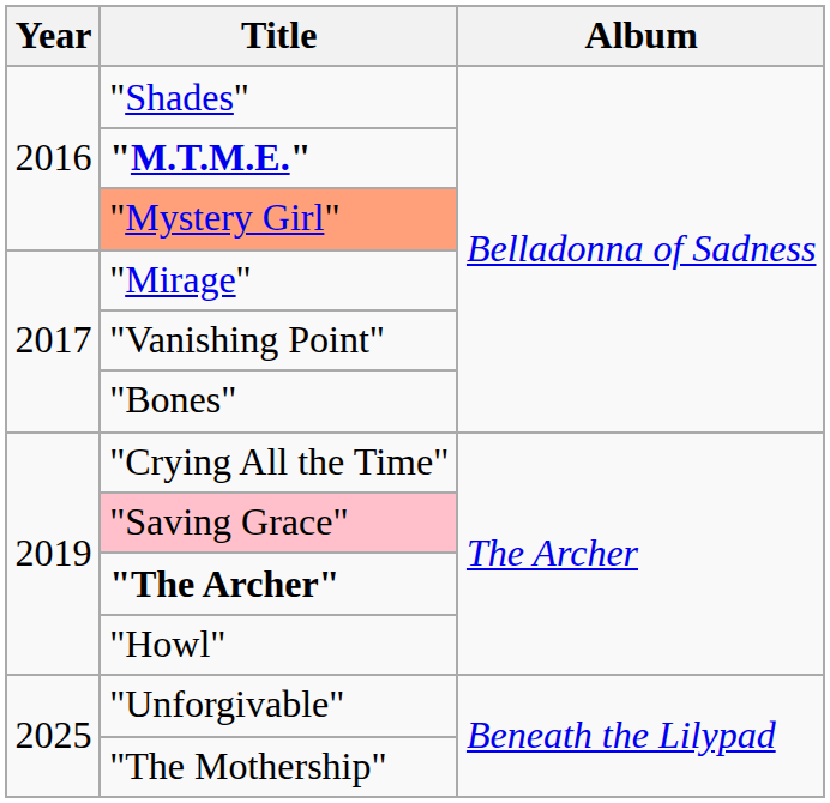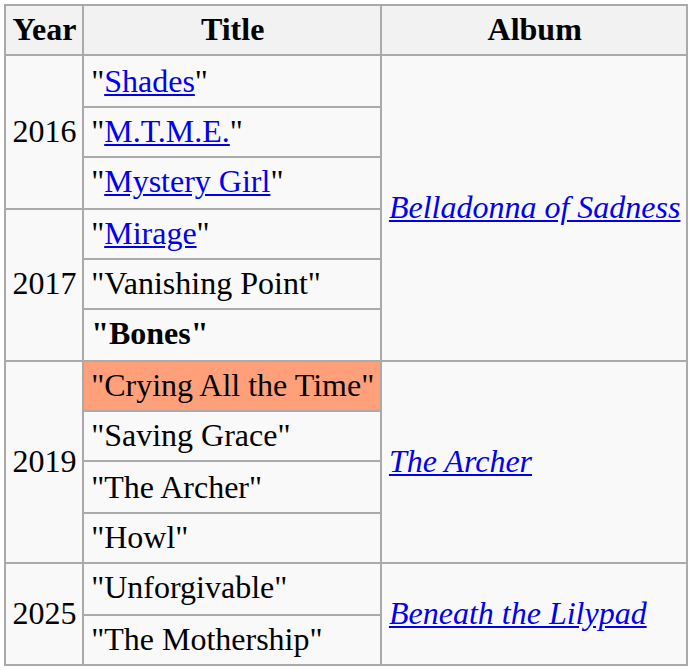 <table class="wikitable plainrowheaders">
 <tr>
 <th>Year</th>
 <th>Title</th>
 <th>Album</th>
 </tr>
 <tr>
 <td rowspan="3">2016</td>
 <td>"<a href='#'>Shades</a>"</td>
 <td rowspan="6"><em><a href='#'>Belladonna of Sadness</a></em></td>
 </tr>
 <tr>
-<td><strong>"<a href='#'>M.T.M.E.</a>"</strong></td>
+<td>"<a href='#'>M.T.M.E.</a>"</td>
 </tr>
 <tr>
-<td style="background: lightsalmon;">"<a href='#'>Mystery Girl</a>"</td>
+<td>"<a href='#'>Mystery Girl</a>"</td>
 </tr>
 <tr>
 <td rowspan="3">2017</td>
 <td>"<a href='#'>Mirage</a>"</td>
 </tr>
 <tr>
 <td>"Vanishing Point"</td>
 </tr>
 <tr>
-<td>"Bones"</td>
+<td><strong>"Bones"</strong></td>
 </tr>
 <tr>
 <td rowspan="4">2019</td>
-<td>"Crying All the Time"</td>
+<td style="background: lightsalmon;">"Crying All the Time"</td>
 <td rowspan="4"><em><a href='#'>The Archer</a></em></td>
 </tr>
 <tr>
-<td style="background: pink;">"Saving Grace"</td>
+<td>"Saving Grace"</td>
 </tr>
 <tr>
-<td><strong>"The Archer"</strong></td>
+<td>"The Archer"</td>
 </tr>
 <tr>
 <td>"Howl"</td>
 </tr>
 <tr>
 <td rowspan="2">2025</td>
 <td>"Unforgivable"</td>
 <td rowspan="2"><em><a href='#'>Beneath the Lilypad</a></em></td>
 </tr>
 <tr>
 <td>"The Mothership"</td>
 </tr>
 </table>
